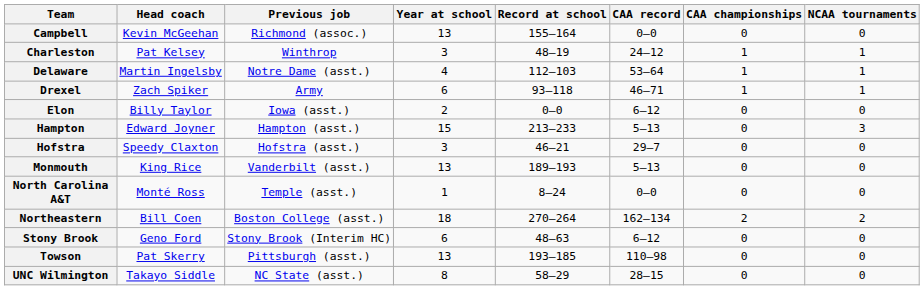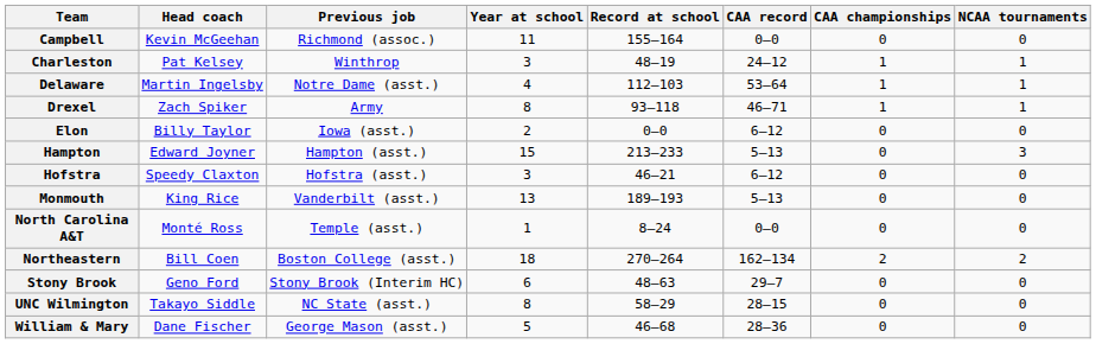 <table class="wikitable sortable" style="text-align: center;font-size:90%;">
 <tr>
 <th width="110">Team</th>
 <th>Head coach</th>
 <th>Previous job</th>
 <th>Year at school</th>
 <th>Record at school</th>
 <th>CAA record</th>
 <th>CAA championships</th>
 <th>NCAA tournaments</th>
 </tr>
 <tr>
 <th>Campbell</th>
 <td><a href='#'>Kevin McGeehan</a></td>
 <td><a href='#'>Richmond</a> (assoc.)</td>
-<td>13</td>
+<td>11</td>
 <td>155–164</td>
 <td>0–0</td>
 <td>0</td>
 <td>0</td>
 </tr>
 <tr>
 <th>Charleston</th>
 <td><a href='#'>Pat Kelsey</a></td>
 <td><a href='#'>Winthrop</a></td>
 <td>3</td>
 <td>48–19</td>
 <td>24–12</td>
 <td>1</td>
 <td>1</td>
 </tr>
 <tr>
 <th>Delaware</th>
 <td><a href='#'>Martin Ingelsby</a></td>
 <td><a href='#'>Notre Dame</a> (asst.)</td>
 <td>4</td>
 <td>112–103</td>
 <td>53–64</td>
 <td>1</td>
 <td>1</td>
 </tr>
 <tr>
 <th>Drexel</th>
 <td><a href='#'>Zach Spiker</a></td>
 <td><a href='#'>Army</a></td>
-<td>6</td>
+<td>8</td>
 <td>93–118</td>
 <td>46–71</td>
 <td>1</td>
 <td>1</td>
 </tr>
 <tr>
 <th>Elon</th>
 <td><a href='#'>Billy Taylor</a></td>
 <td><a href='#'>Iowa</a> (asst.)</td>
 <td>2</td>
 <td>0–0</td>
 <td>6–12</td>
 <td>0</td>
 <td>0</td>
 </tr>
 <tr>
 <th>Hampton</th>
 <td><a href='#'>Edward Joyner</a></td>
 <td><a href='#'>Hampton</a> (asst.)</td>
 <td>15</td>
 <td>213–233</td>
 <td>5–13</td>
 <td>0</td>
 <td>3</td>
 </tr>
 <tr>
 <th>Hofstra</th>
 <td><a href='#'>Speedy Claxton</a></td>
 <td><a href='#'>Hofstra</a> (asst.)</td>
 <td>3</td>
 <td>46–21</td>
-<td>29–7</td>
+<td>6–12</td>
 <td>0</td>
 <td>0</td>
 </tr>
 <tr>
 <th>Monmouth</th>
 <td><a href='#'>King Rice</a></td>
 <td><a href='#'>Vanderbilt</a> (asst.)</td>
 <td>13</td>
 <td>189–193</td>
 <td>5–13</td>
 <td>0</td>
 <td>0</td>
 </tr>
 <tr>
 <th>North Carolina A&T</th>
 <td><a href='#'>Monté Ross</a></td>
 <td><a href='#'>Temple</a> (asst.)</td>
 <td>1</td>
 <td>8–24</td>
 <td>0–0</td>
 <td>0</td>
 <td>0</td>
 </tr>
 <tr>
 <th>Northeastern</th>
 <td><a href='#'>Bill Coen</a></td>
 <td><a href='#'>Boston College</a> (asst.)</td>
 <td>18</td>
 <td>270–264</td>
 <td>162–134</td>
 <td>2</td>
 <td>2</td>
 </tr>
 <tr>
 <th>Stony Brook</th>
 <td><a href='#'>Geno Ford</a></td>
 <td><a href='#'>Stony Brook</a> (Interim HC)</td>
 <td>6</td>
 <td>48–63</td>
-<td>6–12</td>
-<td>0</td>
-<td>0</td>
-</tr>
-<tr>
-<th>Towson</th>
-<td><a href='#'>Pat Skerry</a></td>
-<td><a href='#'>Pittsburgh</a> (asst.)</td>
-<td>13</td>
-<td>193–185</td>
-<td>110–98</td>
+<td>29–7</td>
 <td>0</td>
 <td>0</td>
 </tr>
 <tr>
 <th>UNC Wilmington</th>
 <td><a href='#'>Takayo Siddle</a></td>
 <td><a href='#'>NC State</a> (asst.)</td>
 <td>8</td>
 <td>58–29</td>
 <td>28–15</td>
 <td>0</td>
 <td>0</td>
 </tr>
+<tr>
+<th>William & Mary</th>
+<td><a href='#'>Dane Fischer</a></td>
+<td><a href='#'>George Mason</a> (asst.)</td>
+<td>5</td>
+<td>46–68</td>
+<td>28–36</td>
+<td>0</td>
+<td>0</td>
+</tr>
 </table>
